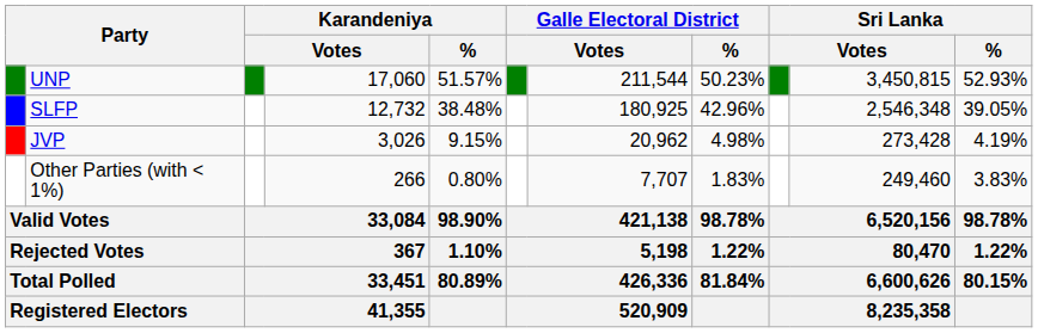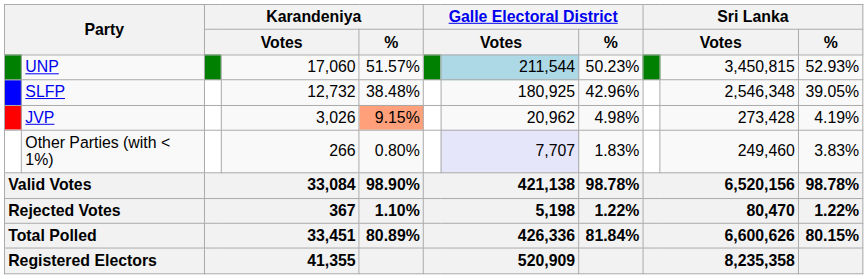 <table class="wikitable">
 <tr>
 <th colspan="2" width="144px"rowspan="2">Party</th>
 <th colspan="3" width="216px">Karandeniya</th>
 <th colspan="3" width="216px"><a href='#'>Galle Electoral District</a></th>
 <th colspan="3" width="216px">Sri Lanka</th>
 </tr>
 <tr>
 <th colspan="2" width="144px">Votes</th>
 <th>%</th>
 <th colspan="2" width="144px">Votes</th>
 <th>%</th>
 <th colspan="2" width="144px">Votes</th>
 <th>%</th>
 </tr>
 <tr>
 <td style="background-color:green;" width="10px"></td>
 <td style="text-align:left;"><a href='#'>UNP</a></td>
 <td style="background-color:green;" width="10px"></td>
 <td style="text-align:right;">17,060</td>
 <td style="text-align:right;">51.57%</td>
 <td style="background-color:green;" width="10px"></td>
-<td style="text-align:right;">211,544</td>
+<td style="background: lightblue; text-align:right;">211,544</td>
 <td style="text-align:right;">50.23%</td>
 <td style="background-color:green;" width="10px"></td>
 <td style="text-align:right;">3,450,815</td>
 <td style="text-align:right;">52.93%</td>
 </tr>
 <tr>
 <td style="background-color:blue;" width="10px"></td>
 <td style="text-align:left;"><a href='#'>SLFP</a></td>
 <td style="background-color:white;" width="10px"></td>
 <td style="text-align:right;">12,732</td>
 <td style="text-align:right;">38.48%</td>
 <td style="background-color:white;" width="10px"></td>
 <td style="text-align:right;">180,925</td>
 <td style="text-align:right;">42.96%</td>
 <td style="background-color:white;" width="10px"></td>
 <td style="text-align:right;">2,546,348</td>
 <td style="text-align:right;">39.05%</td>
 </tr>
 <tr>
 <td style="background-color:red;" width="10px"></td>
 <td style="text-align:left;"><a href='#'>JVP</a></td>
 <td style="background-color:white;" width="10px"></td>
 <td style="text-align:right;">3,026</td>
-<td style="text-align:right;">9.15%</td>
+<td style="background: lightsalmon; text-align:right;">9.15%</td>
 <td style="background-color:white;" width="10px"></td>
 <td style="text-align:right;">20,962</td>
 <td style="text-align:right;">4.98%</td>
 <td style="background-color:white;" width="10px"></td>
 <td style="text-align:right;">273,428</td>
 <td style="text-align:right;">4.19%</td>
 </tr>
 <tr>
 <td style="background-color:white;" width="10px"></td>
 <td style="text-align:left;">Other Parties (with < 1%)</td>
 <td style="background-color:white;" width="10px"></td>
 <td style="text-align:right;">266</td>
 <td style="text-align:right;">0.80%</td>
 <td style="background-color:white;" width="10px"></td>
-<td style="text-align:right;">7,707</td>
+<td style="background: lavender; text-align:right;">7,707</td>
 <td style="text-align:right;">1.83%</td>
 <td style="background-color:white;" width="10px"></td>
 <td style="text-align:right;">249,460</td>
 <td style="text-align:right;">3.83%</td>
 </tr>
 <tr>
 <th colspan="2" width="144px"style="text-align:left;">Valid Votes</th>
 <th style="text-align:right;"colspan="2" width="144px">33,084</th>
 <th style="text-align:right;">98.90%</th>
 <th style="text-align:right;"colspan="2" width="144px">421,138</th>
 <th style="text-align:right;">98.78%</th>
 <th style="text-align:right;"colspan="2" width="144px">6,520,156</th>
 <th style="text-align:right;">98.78%</th>
 </tr>
 <tr>
 <th colspan="2" width="144px"style="text-align:left;">Rejected Votes</th>
 <th style="text-align:right;"colspan="2" width="144px">367</th>
 <th style="text-align:right;">1.10%</th>
 <th style="text-align:right;"colspan="2" width="144px">5,198</th>
 <th style="text-align:right;">1.22%</th>
 <th style="text-align:right;"colspan="2" width="144px">80,470</th>
 <th style="text-align:right;">1.22%</th>
 </tr>
 <tr>
 <th colspan="2" width="144px"style="text-align:left;">Total Polled</th>
 <th style="text-align:right;"colspan="2" width="144px">33,451</th>
 <th style="text-align:right;">80.89%</th>
 <th style="text-align:right;"colspan="2" width="144px">426,336</th>
 <th style="text-align:right;">81.84%</th>
 <th style="text-align:right;"colspan="2" width="144px">6,600,626</th>
 <th style="text-align:right;">80.15%</th>
 </tr>
 <tr>
 <th colspan="2" width="144px"style="text-align:left;">Registered Electors</th>
 <th style="text-align:right;"colspan="2" width="144px">41,355</th>
 <th></th>
 <th style="text-align:right;"colspan="2" width="144px">520,909</th>
 <th></th>
 <th style="text-align:right;"colspan="2" width="144px">8,235,358</th>
 <th></th>
 </tr>
 </table>
